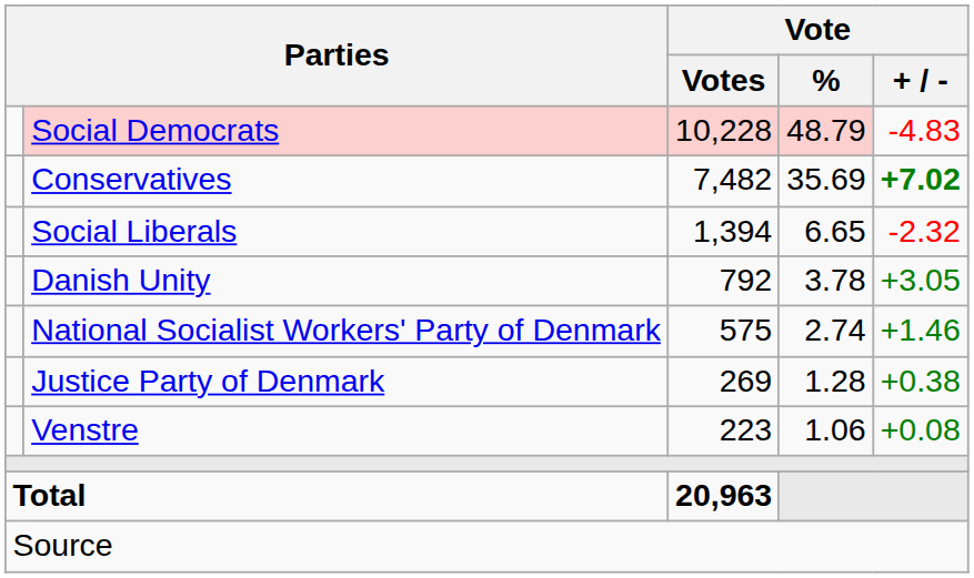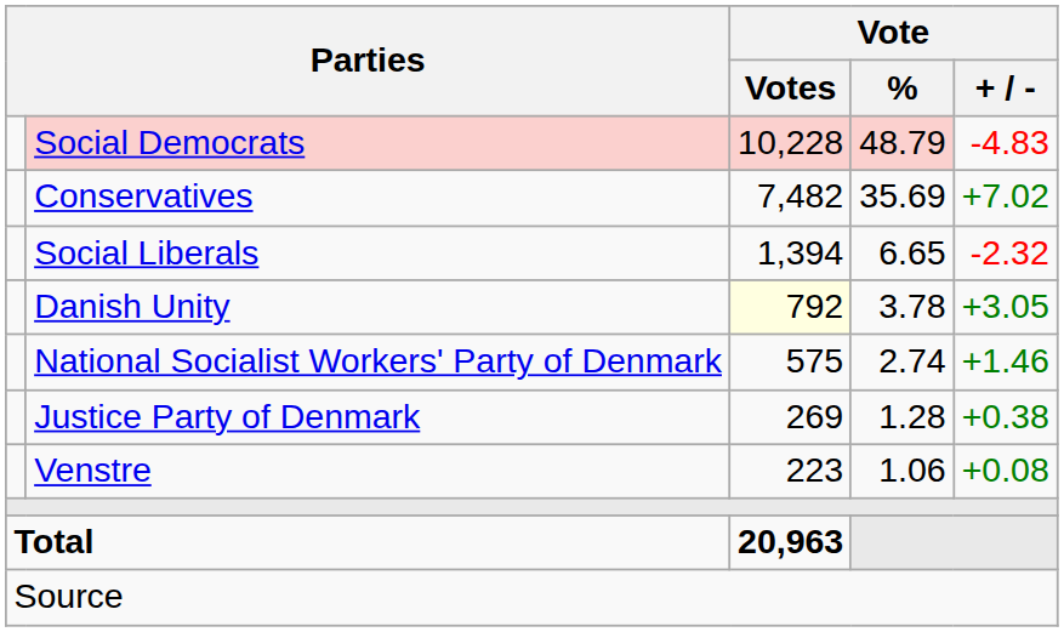 <table class="wikitable" style="text-align:right;">
 <tr>
 <th style="text-align:centre;" rowspan="2" colspan="2" width="225">Parties</th>
 <th colspan="3">Vote</th>
 </tr>
 <tr>
 <th width="15">Votes</th>
 <th width="15">%</th>
 <th width="15">+ / -</th>
 </tr>
 <tr>
 <td width="2" style="color:inherit;background:"></td>
 <td bgcolor=#fbd0ce  align="left"><a href='#'>Social Democrats</a></td>
 <td bgcolor=#fbd0ce>10,228</td>
 <td bgcolor=#fbd0ce>48.79</td>
 <td style=color:red;>-4.83</td>
 </tr>
 <tr>
 <td width="2" style="color:inherit;background:"></td>
 <td align="left"><a href='#'>Conservatives</a></td>
 <td>7,482</td>
 <td>35.69</td>
-<td style=color:green;><strong>+7.02</strong></td>
+<td style=color:green;>+7.02</td>
 </tr>
 <tr>
 <td width="2" style="color:inherit;background:"></td>
 <td align="left"><a href='#'>Social Liberals</a></td>
 <td>1,394</td>
 <td>6.65</td>
 <td style=color:red;>-2.32</td>
 </tr>
 <tr>
 <td width="2" style="color:inherit;background:"></td>
 <td align="left"><a href='#'>Danish Unity</a></td>
-<td>792</td>
+<td style="background: lightyellow;">792</td>
 <td>3.78</td>
 <td style=color:green;>+3.05</td>
 </tr>
 <tr>
 <td width="2" style="color:inherit;background:"></td>
 <td align="left"><a href='#'>National Socialist Workers' Party of Denmark</a></td>
 <td>575</td>
 <td>2.74</td>
 <td style=color:green;>+1.46</td>
 </tr>
 <tr>
 <td width="2" style="color:inherit;background:"></td>
 <td align="left"><a href='#'>Justice Party of Denmark</a></td>
 <td>269</td>
 <td>1.28</td>
 <td style=color:green;>+0.38</td>
 </tr>
 <tr>
 <td width="2" style="color:inherit;background:"></td>
 <td align="left"><a href='#'>Venstre</a></td>
 <td>223</td>
 <td>1.06</td>
 <td style=color:green;>+0.08</td>
 </tr>
 <tr>
 <td colspan="7" bgcolor="#E9E9E9"></td>
 </tr>
 <tr>
 <td align="left" colspan="2"><strong>Total</strong></td>
 <td><strong>20,963</strong></td>
 <td bgcolor="#E9E9E9" colspan="2"></td>
 </tr>
 <tr>
 <td align="left" colspan="6">Source</td>
 </tr>
 </table>
